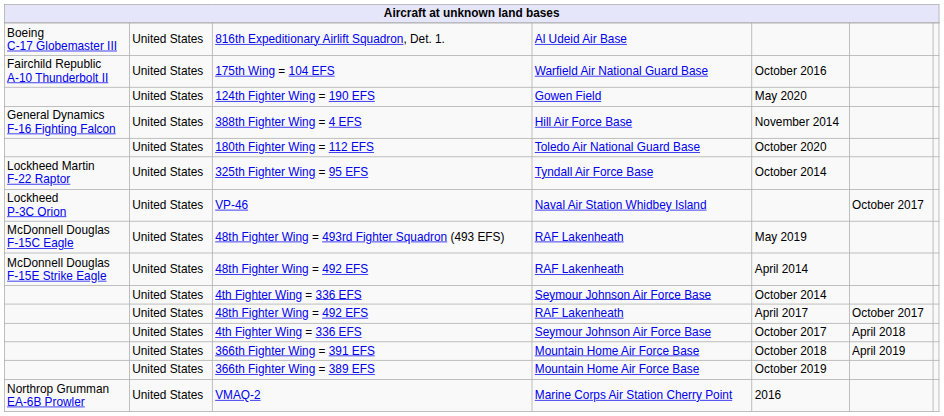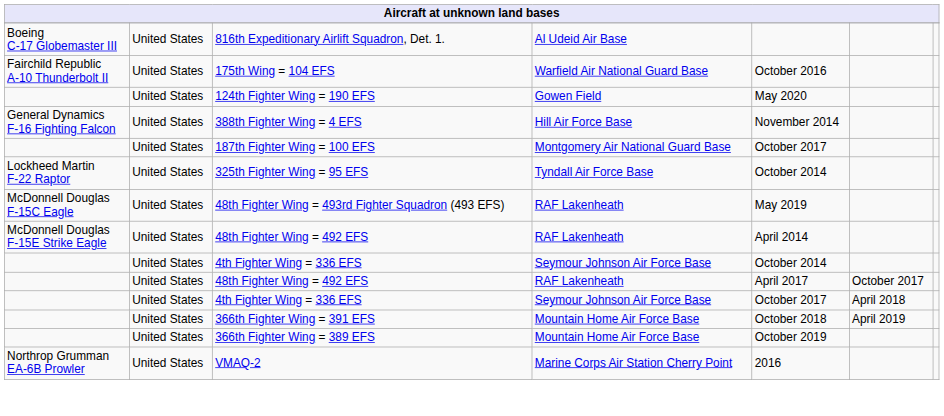 <table class="wikitable sortable collapsible" width="100%">
 <tr collapsed>
 <th style="align: center; background: lavender" colspan="7"><strong>Aircraft at unknown land bases</strong></th>
 </tr>
 <tr style="background:#efefef; color:black">
 </tr>
 <tr>
 <td>Boeing<br><a href='#'>C-17 Globemaster III</a></td>
 <td>United States</td>
 <td><a href='#'>816th Expeditionary Airlift Squadron</a>, Det. 1.</td>
 <td><a href='#'>Al Udeid Air Base</a></td>
 <td></td>
 <td></td>
 <td></td>
 </tr>
 <tr>
 <td>Fairchild Republic<br><a href='#'>A-10 Thunderbolt II</a></td>
 <td>United States</td>
 <td><a href='#'>175th Wing</a> = <a href='#'>104 EFS</a></td>
 <td><a href='#'>Warfield Air National Guard Base</a></td>
 <td>October 2016</td>
 <td></td>
 <td></td>
 </tr>
 <tr>
 <td></td>
 <td>United States</td>
 <td><a href='#'>124th Fighter Wing</a> = <a href='#'>190 EFS</a></td>
 <td><a href='#'>Gowen Field</a></td>
 <td>May 2020</td>
 <td></td>
 <td></td>
 </tr>
 <tr>
 <td>General Dynamics<br><a href='#'>F-16 Fighting Falcon</a></td>
 <td>United States</td>
 <td><a href='#'>388th Fighter Wing</a> = <a href='#'>4 EFS</a></td>
 <td><a href='#'>Hill Air Force Base</a></td>
 <td>November 2014</td>
 <td></td>
 <td></td>
 </tr>
 <tr>
 <td></td>
 <td>United States</td>
-<td><a href='#'>180th Fighter Wing</a> = <a href='#'>112 EFS</a></td>
-<td><a href='#'>Toledo Air National Guard Base</a></td>
-<td>October 2020</td>
+<td><a href='#'>187th Fighter Wing</a> = <a href='#'>100 EFS</a></td>
+<td><a href='#'>Montgomery Air National Guard Base</a></td>
+<td>October 2017</td>
 <td></td>
 <td></td>
 </tr>
 <tr>
 <td>Lockheed Martin<br><a href='#'>F-22 Raptor</a></td>
 <td>United States</td>
 <td><a href='#'>325th Fighter Wing</a> = <a href='#'>95 EFS</a></td>
 <td><a href='#'>Tyndall Air Force Base</a></td>
 <td>October 2014</td>
 <td></td>
-<td></td>
-</tr>
-<tr>
-<td>Lockheed <br><a href='#'>P-3C Orion</a></td>
-<td>United States</td>
-<td><a href='#'>VP-46</a></td>
-<td><a href='#'>Naval Air Station Whidbey Island</a></td>
-<td></td>
-<td>October 2017</td>
 <td></td>
 </tr>
 <tr>
 <td>McDonnell Douglas<br><a href='#'>F-15C Eagle</a></td>
 <td>United States</td>
 <td><a href='#'>48th Fighter Wing</a> = <a href='#'>493rd Fighter Squadron</a> (493 EFS)</td>
 <td><a href='#'>RAF Lakenheath</a></td>
 <td>May 2019</td>
 <td></td>
 <td></td>
 </tr>
 <tr>
 <td>McDonnell Douglas<br><a href='#'>F-15E Strike Eagle</a></td>
 <td>United States</td>
 <td><a href='#'>48th Fighter Wing</a> = <a href='#'>492 EFS</a></td>
 <td><a href='#'>RAF Lakenheath</a></td>
 <td>April 2014</td>
 <td></td>
 <td></td>
 </tr>
 <tr>
 <td></td>
 <td>United States</td>
 <td><a href='#'>4th Fighter Wing</a> = <a href='#'>336 EFS</a></td>
 <td><a href='#'>Seymour Johnson Air Force Base</a></td>
 <td>October 2014</td>
 <td></td>
 <td></td>
 </tr>
 <tr>
 <td></td>
 <td>United States</td>
 <td><a href='#'>48th Fighter Wing</a> = <a href='#'>492 EFS</a></td>
 <td><a href='#'>RAF Lakenheath</a></td>
 <td>April 2017</td>
 <td>October 2017</td>
 <td></td>
 </tr>
 <tr>
 <td></td>
 <td>United States</td>
 <td><a href='#'>4th Fighter Wing</a> = <a href='#'>336 EFS</a></td>
 <td><a href='#'>Seymour Johnson Air Force Base</a></td>
 <td>October 2017</td>
 <td>April 2018</td>
 <td></td>
 </tr>
 <tr>
 <td></td>
 <td>United States</td>
 <td><a href='#'>366th Fighter Wing</a> = <a href='#'>391 EFS</a></td>
 <td><a href='#'>Mountain Home Air Force Base</a></td>
 <td>October 2018</td>
 <td>April 2019</td>
 <td></td>
 </tr>
 <tr>
 <td></td>
 <td>United States</td>
 <td><a href='#'>366th Fighter Wing</a> = <a href='#'>389 EFS</a></td>
 <td><a href='#'>Mountain Home Air Force Base</a></td>
 <td>October 2019</td>
 <td></td>
 <td></td>
 </tr>
 <tr>
 <td>Northrop Grumman<br><a href='#'>EA-6B Prowler</a></td>
 <td>United States</td>
 <td><a href='#'>VMAQ-2</a></td>
 <td><a href='#'>Marine Corps Air Station Cherry Point</a></td>
 <td>2016</td>
 <td></td>
 <td></td>
 </tr>
 </table>
